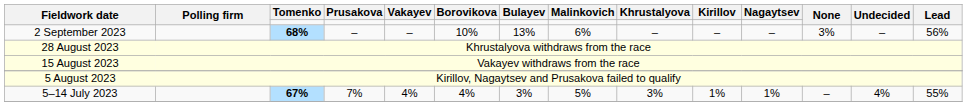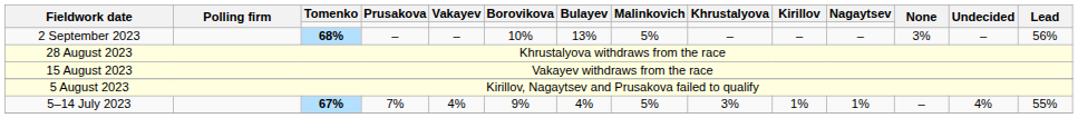 <table class=wikitable style="font-size:95%; line-height:14px; text-align:center">
 <tr>
 <th style=width:200px; rowspan=2>Fieldwork date</th>
 <th style=width:150px; rowspan=2>Polling firm</th>
 <th style="width:60px;">Tomenko</th>
 <th style="width:60px;">Prusakova</th>
 <th style="width:60px;">Vakayev</th>
 <th style="width:60px;">Borovikova</th>
 <th style="width:60px;">Bulayev</th>
 <th style="width:60px;">Malinkovich</th>
 <th style="width:60px;">Khrustalyova</th>
 <th style="width:60px;">Kirillov</th>
 <th style="width:60px;">Nagaytsev</th>
 <th style="width:60px;" rowspan=2>None</th>
 <th style="width:60px;" rowspan=2>Undecided</th>
 <th style="width:60px;" rowspan="2">Lead</th>
 </tr>
 <tr>
 <td bgcolor=></td>
 <td bgcolor=></td>
 <td bgcolor=></td>
 <td bgcolor=></td>
 <td bgcolor=></td>
 <td bgcolor=></td>
 <td bgcolor=></td>
 <td bgcolor=></td>
 <td bgcolor=></td>
 </tr>
 <tr>
 <td>2 September 2023</td>
 <td></td>
 <td style="background:#B3E0FF"><strong>68%</strong></td>
 <td>–</td>
 <td>–</td>
 <td>10%</td>
 <td>13%</td>
-<td>6%</td>
+<td>5%</td>
 <td>–</td>
 <td>–</td>
 <td>–</td>
 <td>3%</td>
 <td>–</td>
 <td style="background:">56%</td>
 </tr>
 <tr style="background:lightyellow;">
 <td style="border-right-style:hidden; ">28 August 2023</td>
 <td colspan="13">Khrustalyova withdraws from the race</td>
 </tr>
 <tr style="background:lightyellow;">
 <td style="border-right-style:hidden; ">15 August 2023</td>
 <td colspan="13">Vakayev withdraws from the race</td>
 </tr>
 <tr>
 </tr>
 <tr style="background:lightyellow;">
 <td style="border-right-style:hidden; ">5 August 2023</td>
 <td colspan="13">Kirillov, Nagaytsev and Prusakova failed to qualify</td>
 </tr>
 <tr>
 <td>5–14 July 2023</td>
 <td></td>
 <td style="background:#B3E0FF"><strong>67%</strong></td>
 <td>7%</td>
 <td>4%</td>
+<td>9%</td>
 <td>4%</td>
-<td>3%</td>
 <td>5%</td>
 <td>3%</td>
 <td>1%</td>
 <td>1%</td>
 <td>–</td>
 <td>4%</td>
 <td style="background:">55%</td>
 </tr>
 <tr>
 </tr>
 </table>
